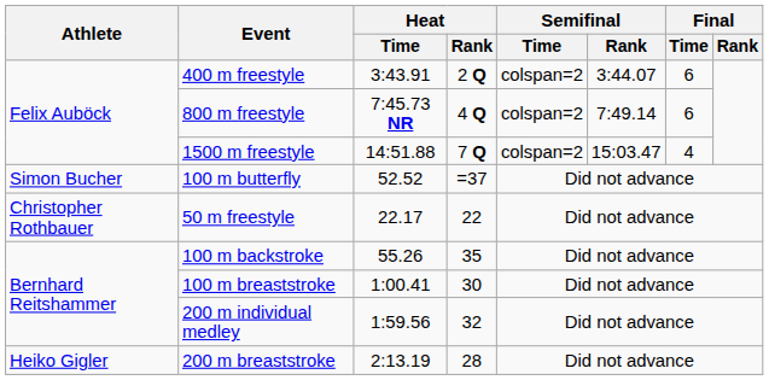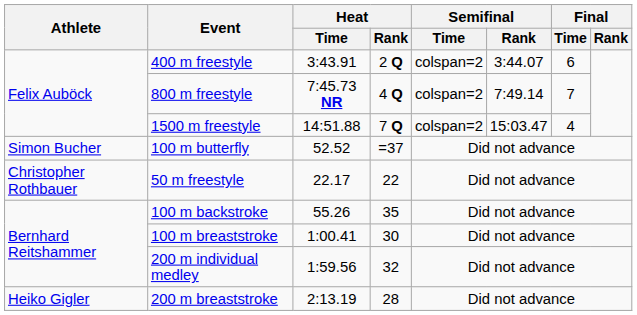 <table class=wikitable style="font-size:90%">
 <tr>
 <th rowspan="2">Athlete</th>
 <th rowspan="2">Event</th>
 <th colspan="2">Heat</th>
 <th colspan="2">Semifinal</th>
 <th colspan="2">Final</th>
 </tr>
 <tr style="font-size:95%">
 <th>Time</th>
 <th>Rank</th>
 <th>Time</th>
 <th>Rank</th>
 <th>Time</th>
 <th>Rank</th>
 </tr>
 <tr align=center>
 <td align=left rowspan=3><a href='#'>Felix Auböck</a></td>
 <td align=left><a href='#'>400 m freestyle</a></td>
 <td>3:43.91</td>
 <td>2 <strong>Q</strong></td>
 <td>colspan=2 </td>
 <td>3:44.07</td>
 <td>6</td>
 </tr>
 <tr align=center>
 <td align=left><a href='#'>800 m freestyle</a></td>
 <td>7:45.73 <strong><a href='#'>NR</a></strong></td>
 <td>4 <strong>Q</strong></td>
 <td>colspan=2 </td>
 <td>7:49.14</td>
-<td>6</td>
+<td>7</td>
 </tr>
 <tr align=center>
 <td align=left><a href='#'>1500 m freestyle</a></td>
 <td>14:51.88</td>
 <td>7 <strong>Q</strong></td>
 <td>colspan=2 </td>
 <td>15:03.47</td>
 <td>4</td>
 </tr>
 <tr align=center>
 <td align=left><a href='#'>Simon Bucher</a></td>
 <td align=left><a href='#'>100 m butterfly</a></td>
 <td>52.52</td>
 <td>=37</td>
 <td colspan="4">Did not advance</td>
 </tr>
 <tr align=center>
 <td align=left><a href='#'>Christopher Rothbauer</a></td>
 <td align=left><a href='#'>50 m freestyle</a></td>
 <td>22.17</td>
 <td>22</td>
 <td colspan="4">Did not advance</td>
 </tr>
 <tr align=center>
 <td align=left rowspan=3><a href='#'>Bernhard Reitshammer</a></td>
 <td align=left><a href='#'>100 m backstroke</a></td>
 <td>55.26</td>
 <td>35</td>
 <td colspan="4">Did not advance</td>
 </tr>
 <tr align=center>
 <td align=left><a href='#'>100 m breaststroke</a></td>
 <td>1:00.41</td>
 <td>30</td>
 <td colspan="4">Did not advance</td>
 </tr>
 <tr align=center>
 <td align=left><a href='#'>200 m individual medley</a></td>
 <td>1:59.56</td>
 <td>32</td>
 <td colspan="4">Did not advance</td>
 </tr>
 <tr align=center>
 <td align=left><a href='#'>Heiko Gigler</a></td>
 <td align=left><a href='#'>200 m breaststroke</a></td>
 <td>2:13.19</td>
 <td>28</td>
 <td colspan="4">Did not advance</td>
 </tr>
 </table>
